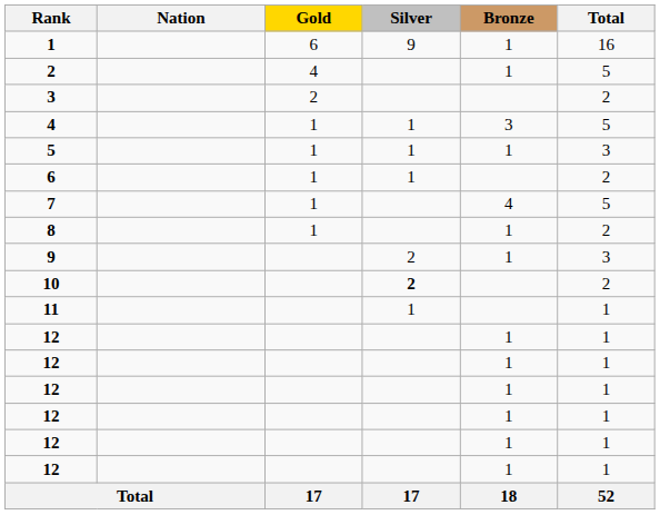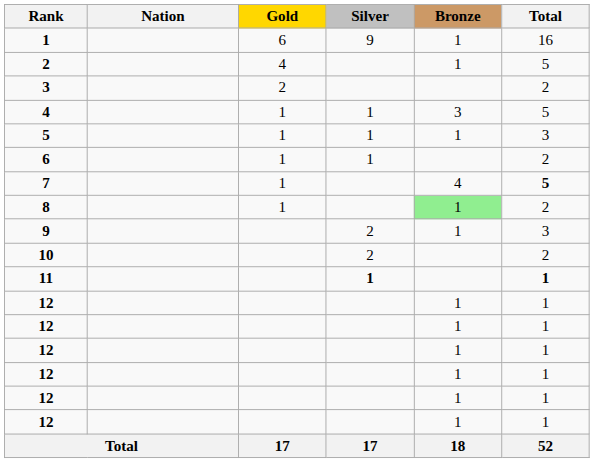 <table class="wikitable collapsible autocollapse plainrowheaders" width=70.5% style="text-align:center;">
 <tr style="background-color:#EDEDED;">
 <th width=100px class="hintergrundfarbe5">Rank</th>
 <th width=200px class="hintergrundfarbe6">Nation</th>
 <th style="background:    gold; width:15%">Gold</th>
 <th style="background:  silver; width:15%">Silver</th>
 <th style="background: #CC9966; width:15%">Bronze</th>
 <th class="hintergrundfarbe6" style="width:15%">Total</th>
 </tr>
 <tr>
 <td><strong>1</strong></td>
 <td align=left></td>
 <td>6</td>
 <td>9</td>
 <td>1</td>
 <td>16</td>
 </tr>
 <tr>
 <td><strong>2</strong></td>
 <td align=left></td>
 <td>4</td>
 <td></td>
 <td>1</td>
 <td>5</td>
 </tr>
 <tr>
 <td><strong>3</strong></td>
 <td align=left></td>
 <td>2</td>
 <td></td>
 <td></td>
 <td>2</td>
 </tr>
 <tr>
 <td><strong>4</strong></td>
 <td align=left></td>
 <td>1</td>
 <td>1</td>
 <td>3</td>
 <td>5</td>
 </tr>
 <tr>
 <td><strong>5</strong></td>
 <td align=left></td>
 <td>1</td>
 <td>1</td>
 <td>1</td>
 <td>3</td>
 </tr>
 <tr>
 <td><strong>6</strong></td>
 <td align=left></td>
 <td>1</td>
 <td>1</td>
 <td></td>
 <td>2</td>
 </tr>
 <tr>
 <td><strong>7</strong></td>
 <td align=left></td>
 <td>1</td>
 <td></td>
 <td>4</td>
-<td>5</td>
+<td><strong>5</strong></td>
 </tr>
 <tr>
 <td><strong>8</strong></td>
 <td align=left></td>
 <td>1</td>
 <td></td>
-<td>1</td>
+<td style="background: lightgreen;">1</td>
 <td>2</td>
 </tr>
 <tr>
 <td><strong>9</strong></td>
 <td align=left></td>
 <td></td>
 <td>2</td>
 <td>1</td>
 <td>3</td>
 </tr>
 <tr>
 <td><strong>10</strong></td>
 <td align=left></td>
 <td></td>
-<td><strong>2</strong></td>
+<td>2</td>
 <td></td>
 <td>2</td>
 </tr>
 <tr>
 <td><strong>11</strong></td>
 <td align=left></td>
 <td></td>
-<td>1</td>
+<td><strong>1</strong></td>
 <td></td>
-<td>1</td>
+<td><strong>1</strong></td>
 </tr>
 <tr>
 <td><strong>12</strong></td>
 <td align=left></td>
 <td></td>
 <td></td>
 <td>1</td>
 <td>1</td>
 </tr>
 <tr>
 <td><strong>12</strong></td>
 <td align=left></td>
 <td></td>
 <td></td>
 <td>1</td>
 <td>1</td>
 </tr>
 <tr>
 <td><strong>12</strong></td>
 <td align=left></td>
 <td></td>
 <td></td>
 <td>1</td>
 <td>1</td>
 </tr>
 <tr>
 <td><strong>12</strong></td>
 <td align=left></td>
 <td></td>
 <td></td>
 <td>1</td>
 <td>1</td>
 </tr>
 <tr>
 <td><strong>12</strong></td>
 <td align=left></td>
 <td></td>
 <td></td>
 <td>1</td>
 <td>1</td>
 </tr>
 <tr>
 <td><strong>12</strong></td>
 <td align=left></td>
 <td></td>
 <td></td>
 <td>1</td>
 <td>1</td>
 </tr>
 <tr>
 <th colspan=2>Total</th>
 <th>17</th>
 <th>17</th>
 <th>18</th>
 <th>52</th>
 </tr>
 </table>
